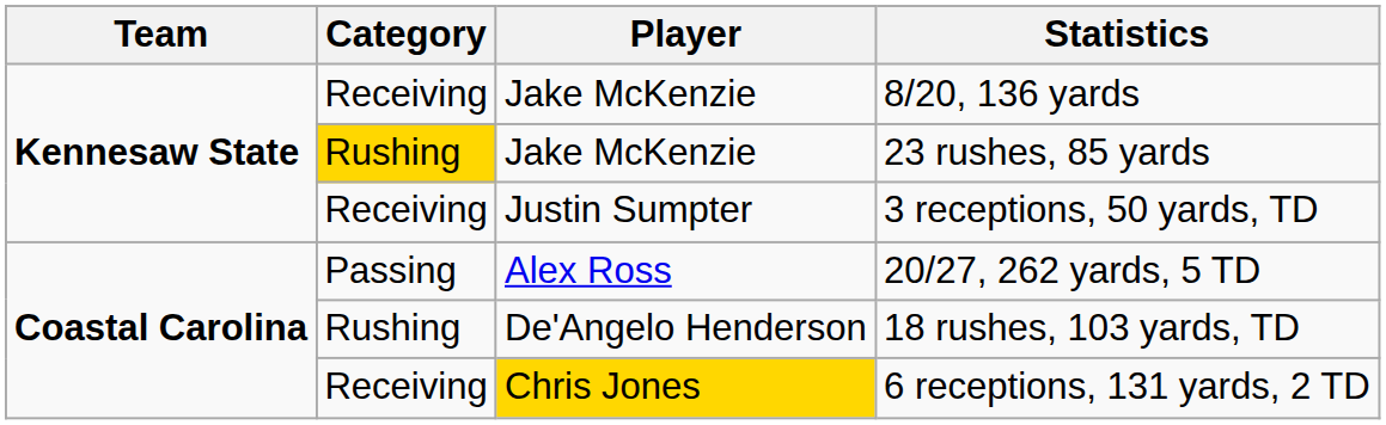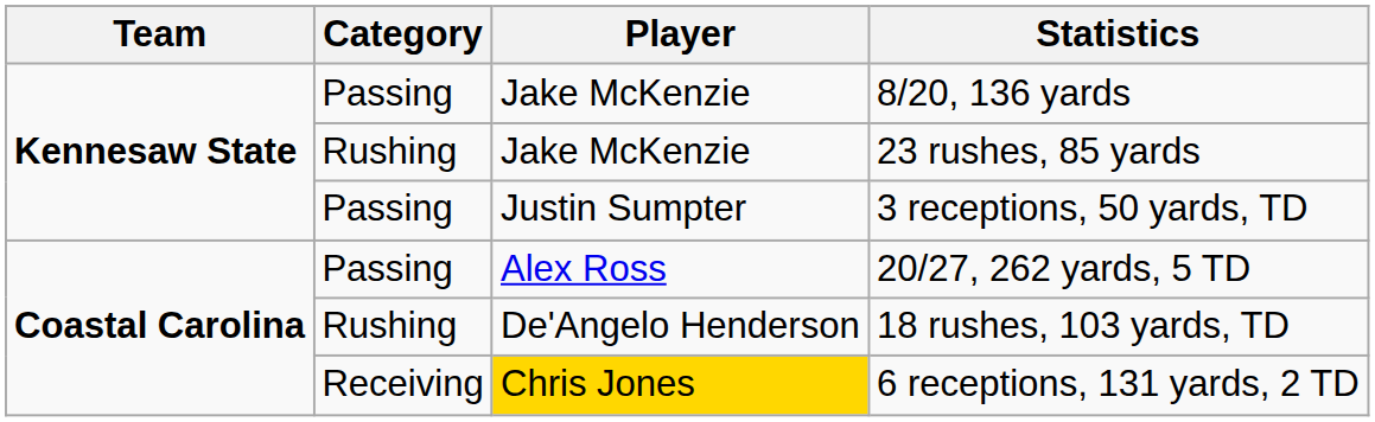 <table class="wikitable" style="float: left;">
 <tr>
 <th>Team</th>
 <th>Category</th>
 <th>Player</th>
 <th>Statistics</th>
 </tr>
 <tr>
 <td rowspan=3><strong>Kennesaw State</strong></td>
-<td>Receiving</td>
+<td>Passing</td>
 <td>Jake McKenzie</td>
 <td>8/20, 136 yards</td>
 </tr>
 <tr>
-<td style="background: gold;">Rushing</td>
+<td>Rushing</td>
 <td>Jake McKenzie</td>
 <td>23 rushes, 85 yards</td>
 </tr>
 <tr>
-<td>Receiving</td>
+<td>Passing</td>
 <td>Justin Sumpter</td>
 <td>3 receptions, 50 yards, TD</td>
 </tr>
 <tr>
 <td rowspan=3><strong>Coastal Carolina</strong></td>
 <td>Passing</td>
 <td><a href='#'>Alex Ross</a></td>
 <td>20/27, 262 yards, 5 TD</td>
 </tr>
 <tr>
 <td>Rushing</td>
 <td>De'Angelo Henderson</td>
 <td>18 rushes, 103 yards, TD</td>
 </tr>
 <tr>
 <td>Receiving</td>
 <td style="background: gold;">Chris Jones</td>
 <td>6 receptions, 131 yards, 2 TD</td>
 </tr>
 </table>
